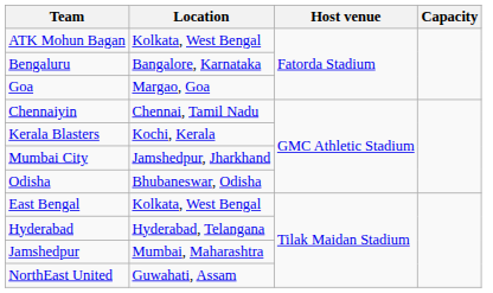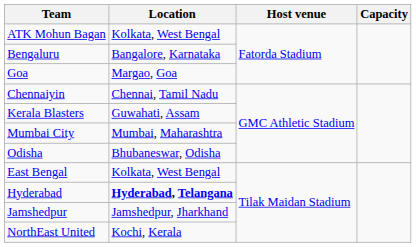 <table class="wikitable sortable">
 <tr>
 <th>Team</th>
 <th>Location</th>
 <th>Host venue</th>
 <th>Capacity</th>
 </tr>
 <tr>
 <td><a href='#'>ATK Mohun Bagan</a></td>
 <td><a href='#'>Kolkata</a>, <a href='#'>West Bengal</a></td>
 <td rowspan=3><a href='#'>Fatorda Stadium</a></td>
 <td rowspan=3 style="text-align:center"></td>
 </tr>
 <tr>
 <td><a href='#'>Bengaluru</a></td>
 <td><a href='#'>Bangalore</a>, <a href='#'>Karnataka</a></td>
 </tr>
 <tr>
 <td><a href='#'>Goa</a></td>
 <td><a href='#'>Margao</a>, <a href='#'>Goa</a></td>
 </tr>
 <tr>
 <td><a href='#'>Chennaiyin</a></td>
 <td><a href='#'>Chennai</a>, <a href='#'>Tamil Nadu</a></td>
 <td rowspan=4><a href='#'>GMC Athletic Stadium</a></td>
 <td rowspan=4 style="text-align:center"></td>
 </tr>
 <tr>
 <td><a href='#'>Kerala Blasters</a></td>
-<td><a href='#'>Kochi</a>, <a href='#'>Kerala</a></td>
+<td><a href='#'>Guwahati</a>, <a href='#'>Assam</a></td>
 </tr>
 <tr>
 <td><a href='#'>Mumbai City</a></td>
-<td><a href='#'>Jamshedpur</a>, <a href='#'>Jharkhand</a></td>
+<td><a href='#'>Mumbai</a>, <a href='#'>Maharashtra</a></td>
 </tr>
 <tr>
 <td><a href='#'>Odisha</a></td>
 <td><a href='#'>Bhubaneswar</a>, <a href='#'>Odisha</a></td>
 </tr>
 <tr>
 <td><a href='#'>East Bengal</a></td>
 <td><a href='#'>Kolkata</a>, <a href='#'>West Bengal</a></td>
 <td rowspan="4"><a href='#'>Tilak Maidan Stadium</a></td>
 <td rowspan="4" style="text-align:center"></td>
 </tr>
 <tr>
 <td><a href='#'>Hyderabad</a></td>
-<td><a href='#'>Hyderabad</a>, <a href='#'>Telangana</a></td>
+<td><strong><a href='#'>Hyderabad</a>, <a href='#'>Telangana</a></strong></td>
 </tr>
 <tr>
 <td><a href='#'>Jamshedpur</a></td>
-<td><a href='#'>Mumbai</a>, <a href='#'>Maharashtra</a></td>
+<td><a href='#'>Jamshedpur</a>, <a href='#'>Jharkhand</a></td>
 </tr>
 <tr>
 <td><a href='#'>NorthEast United</a></td>
-<td><a href='#'>Guwahati</a>, <a href='#'>Assam</a></td>
+<td><a href='#'>Kochi</a>, <a href='#'>Kerala</a></td>
 </tr>
 </table>
